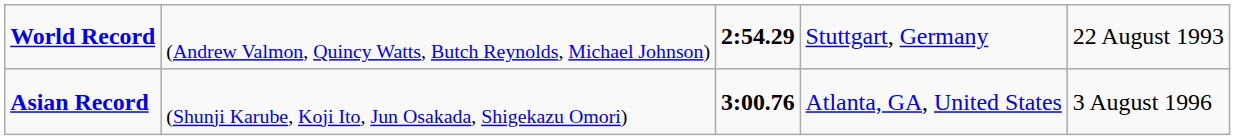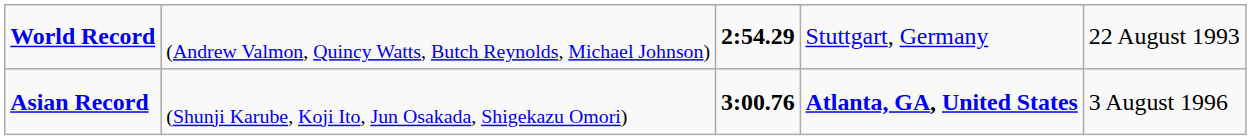 <table class="wikitable">
 <tr>
 <td><strong><a href='#'>World Record</a></strong></td>
 <td><br><small>(<a href='#'>Andrew Valmon</a>, <a href='#'>Quincy Watts</a>, <a href='#'>Butch Reynolds</a>, <a href='#'>Michael Johnson</a>)</small></td>
 <td><strong>2:54.29</strong></td>
 <td><a href='#'>Stuttgart</a>, <a href='#'>Germany</a></td>
 <td>22 August 1993</td>
 </tr>
 <tr>
 <td><strong><a href='#'>Asian Record</a></strong></td>
 <td><br><small>(<a href='#'>Shunji Karube</a>, <a href='#'>Koji Ito</a>, <a href='#'>Jun Osakada</a>, <a href='#'>Shigekazu Omori</a>)</small></td>
 <td><strong>3:00.76</strong></td>
-<td><a href='#'>Atlanta, GA</a>, <a href='#'>United States</a></td>
+<td><strong><a href='#'>Atlanta, GA</a>, <a href='#'>United States</a></strong></td>
 <td>3 August 1996</td>
 </tr>
 </table>
